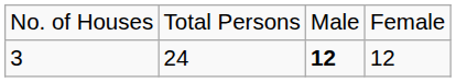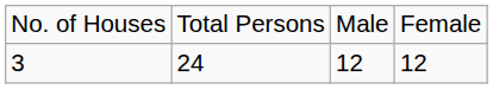 <table class="wikitable">
 <tr>
 <td>No. of Houses</td>
 <td>Total Persons</td>
 <td>Male</td>
 <td>Female</td>
 </tr>
 <tr>
 <td>3</td>
 <td>24</td>
-<td><strong>12</strong></td>
+<td>12</td>
 <td>12</td>
 </tr>
 </table>
